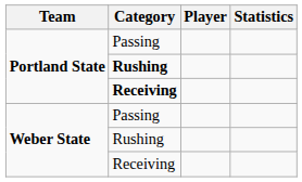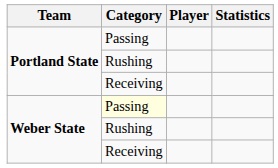 <table class="wikitable" style="float: right;">
 <tr>
 <th>Team</th>
 <th>Category</th>
 <th>Player</th>
 <th>Statistics</th>
 </tr>
 <tr>
 <td rowspan=3><strong>Portland State</strong></td>
 <td>Passing</td>
 <td></td>
 <td></td>
 </tr>
 <tr>
-<td><strong>Rushing</strong></td>
+<td>Rushing</td>
 <td></td>
 <td></td>
 </tr>
 <tr>
-<td><strong>Receiving</strong></td>
+<td>Receiving</td>
 <td></td>
 <td></td>
 </tr>
 <tr>
 <td rowspan=3><strong>Weber State</strong></td>
-<td>Passing</td>
+<td style="background: lightyellow;">Passing</td>
 <td></td>
 <td></td>
 </tr>
 <tr>
 <td>Rushing</td>
 <td></td>
 <td></td>
 </tr>
 <tr>
 <td>Receiving</td>
 <td></td>
 <td></td>
 </tr>
 </table>
